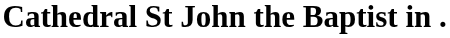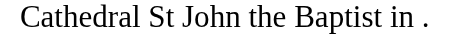 <table align="center" cellpadding=0px cellspacing=5px>
 <tr>
 <td></td>
 <td></td>
 </tr>
 <tr>
-<td><strong><small>Cathedral St John the Baptist in .</small></strong></td>
+<td><small>Cathedral St John the Baptist in .</small></td>
 </tr>
 </table>
